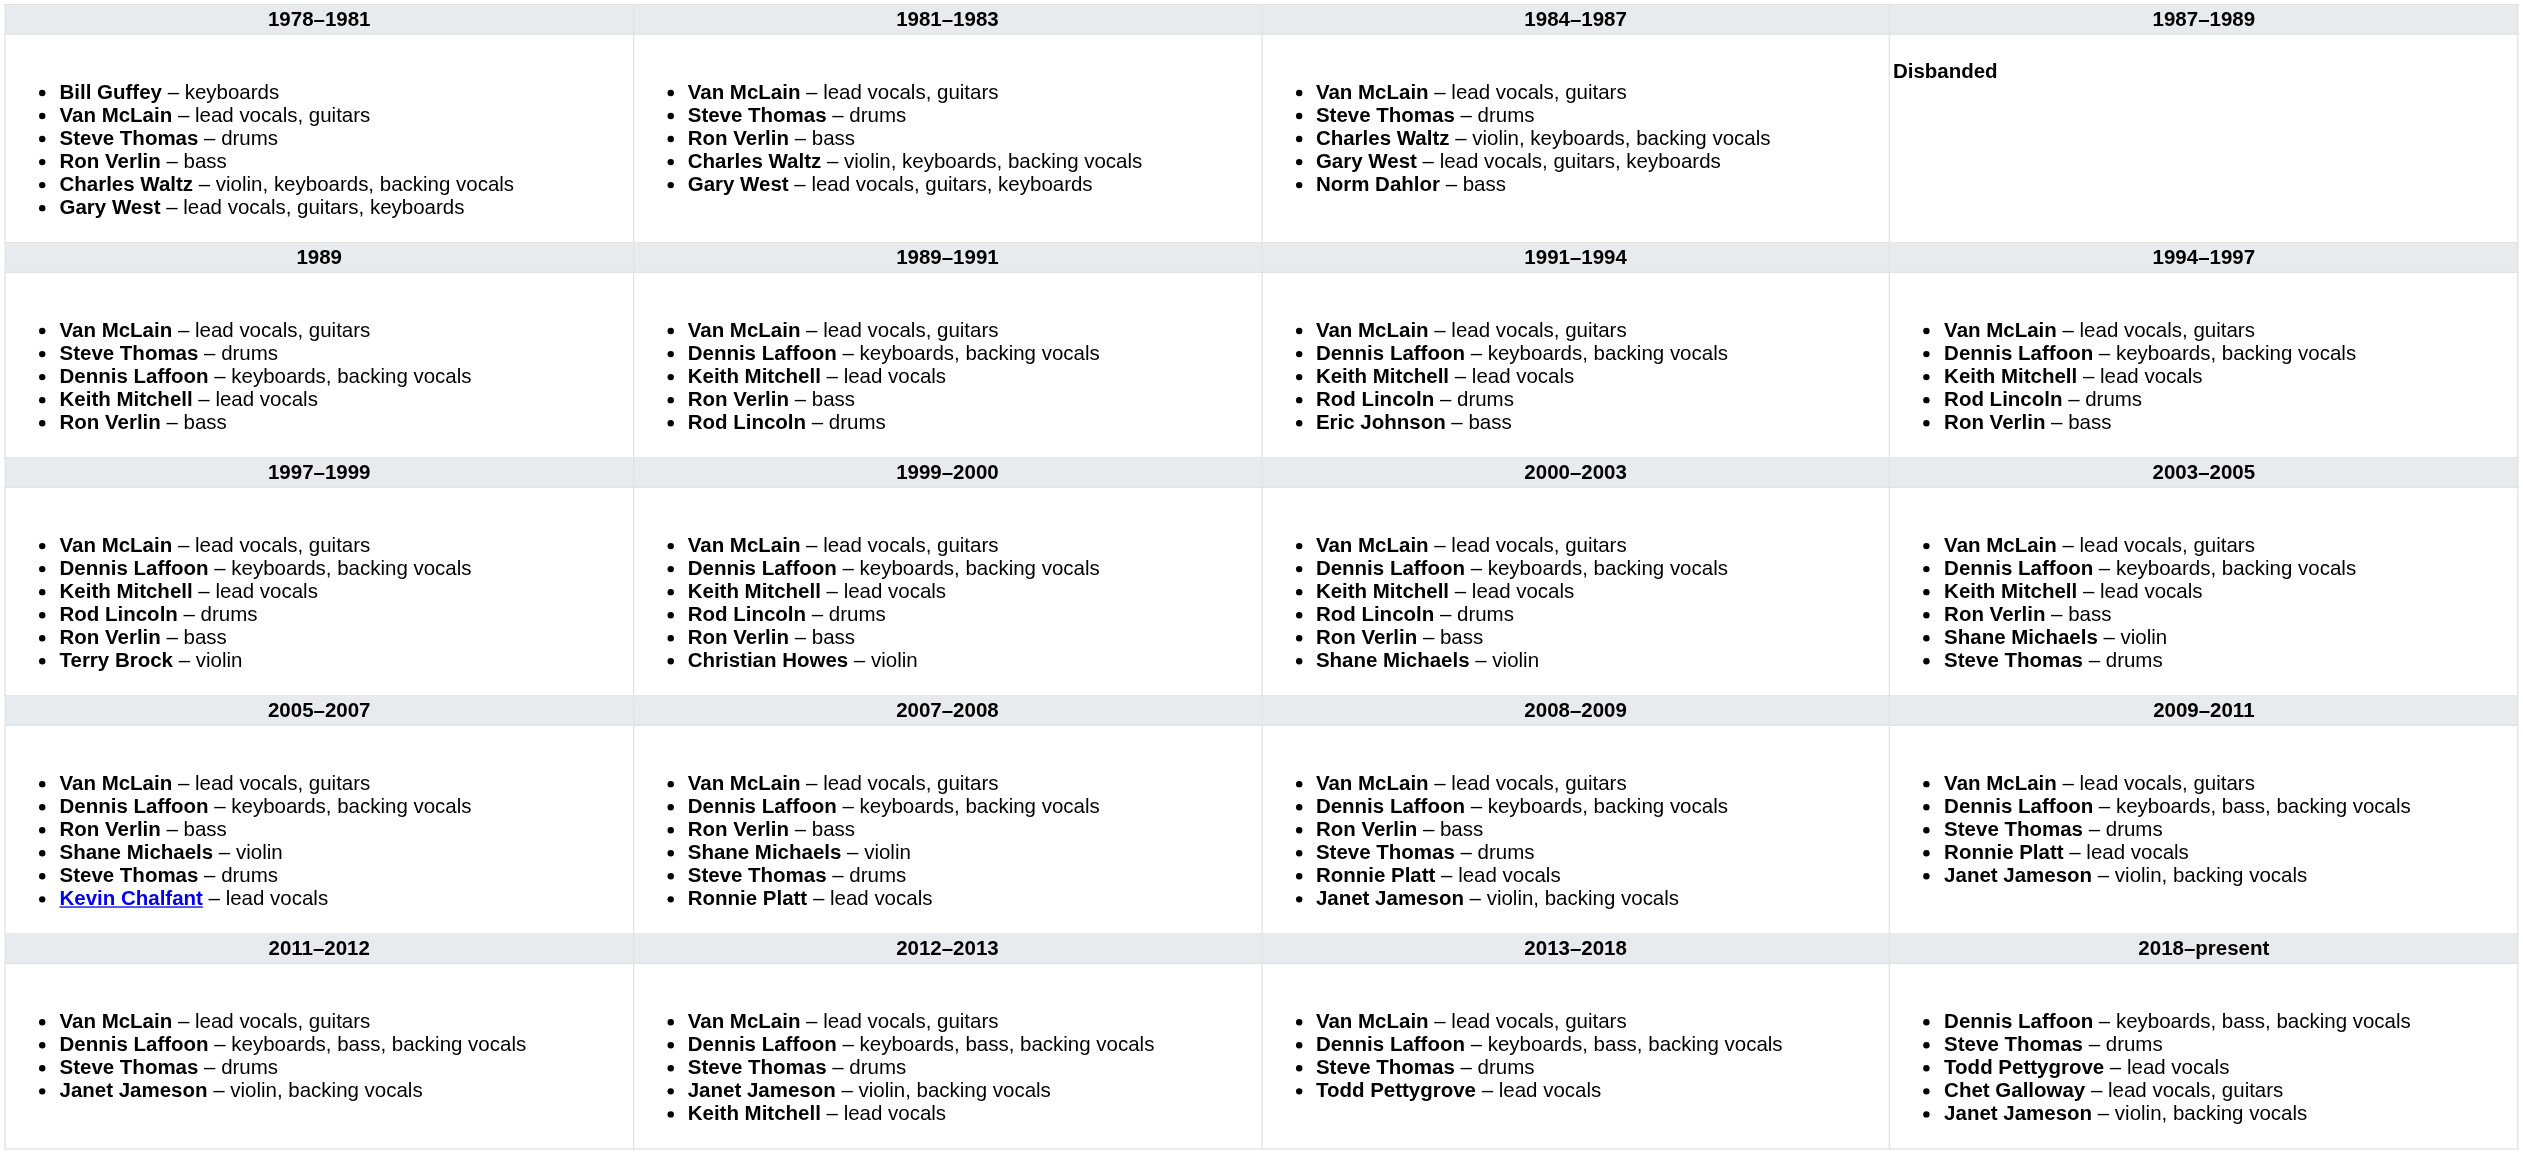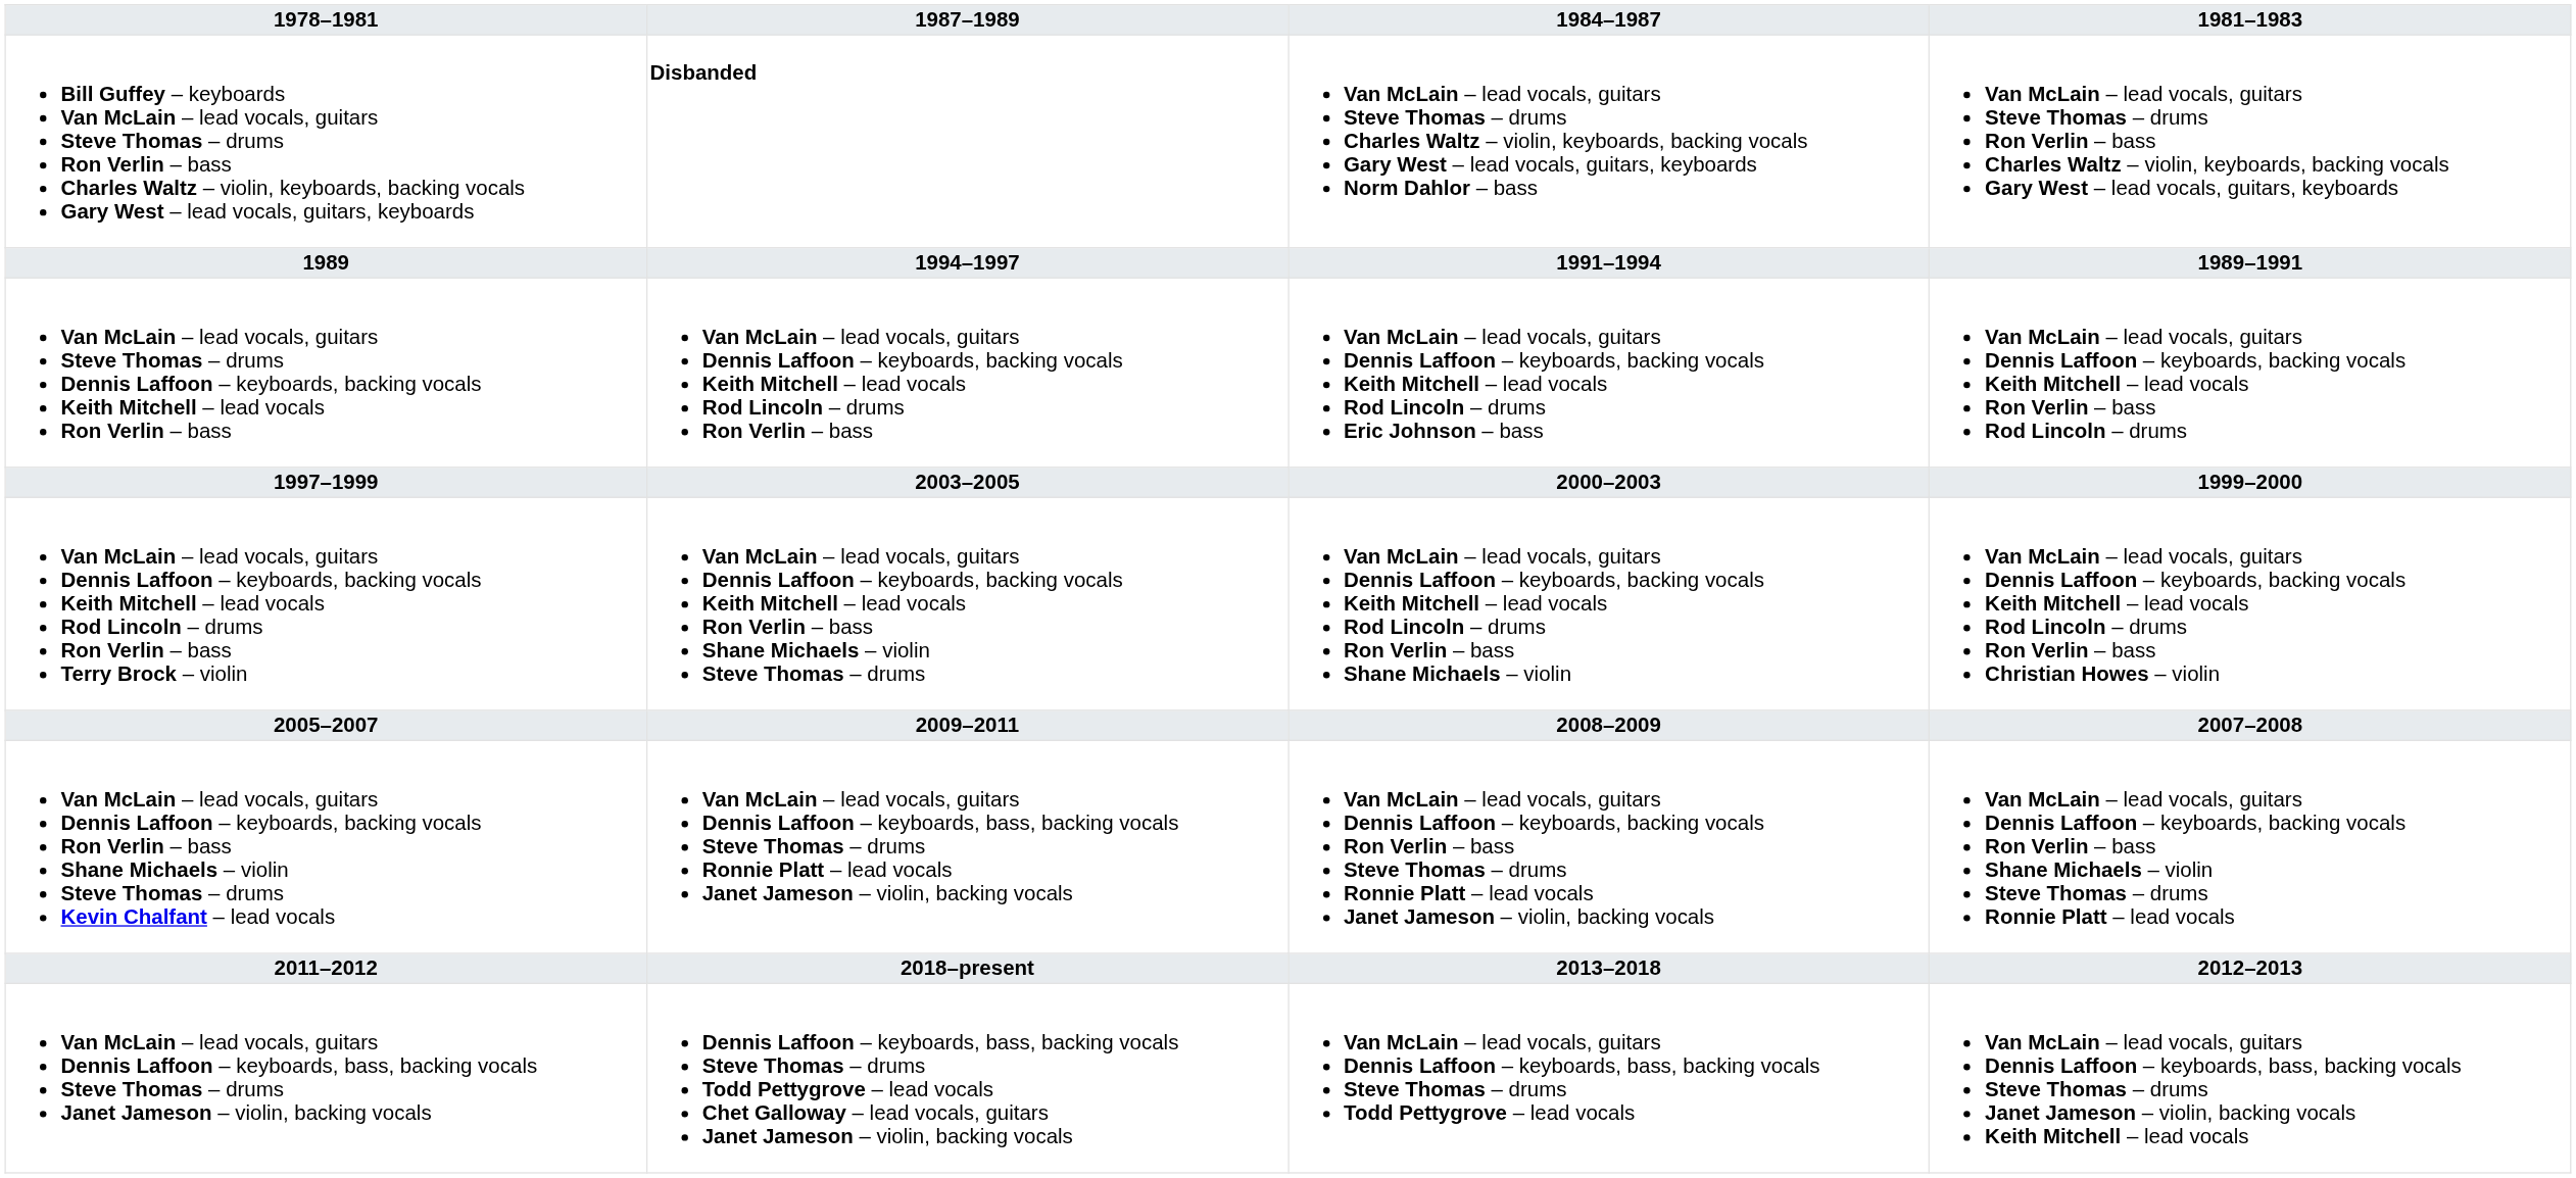 <table class="toccolours" border=1 cellpadding=2 cellspacing=0 style="float: width: 375px; margin: 0 0 1em 1em; border-collapse: collapse; border: 1px solid #E2E2E2;" width=99%>
 <tr>
 <th bgcolor="#E7EBEE" valign=top width=25%>1978–1981</th>
+<th bgcolor="#E7EBEE" valign=top width=25%>1987–1989</th>
+<th bgcolor="#E7EBEE" valign=top width=25%>1984–1987</th>
 <th bgcolor="#E7EBEE" valign=top width=25%>1981–1983</th>
-<th bgcolor="#E7EBEE" valign=top width=25%>1984–1987</th>
-<th bgcolor="#E7EBEE" valign=top width=25%>1987–1989</th>
 </tr>
 <tr>
 <td valign=top><br><ul><li><strong>Bill Guffey</strong> – keyboards</li><li><strong>Van McLain</strong> – lead vocals, guitars</li><li><strong>Steve Thomas</strong> – drums</li><li><strong>Ron Verlin</strong> – bass</li><li><strong>Charles Waltz</strong> – violin, keyboards, backing vocals</li><li><strong>Gary West</strong> – lead vocals, guitars, keyboards</li></ul></td>
+<td valign=top><br><strong>Disbanded</strong></td>
+<td valign=top><br><ul><li><strong>Van McLain</strong> – lead vocals, guitars</li><li><strong>Steve Thomas</strong> – drums</li><li><strong>Charles Waltz</strong> – violin, keyboards, backing vocals</li><li><strong>Gary West</strong> – lead vocals, guitars, keyboards</li><li><strong>Norm Dahlor</strong> – bass</li></ul></td>
 <td valign=top><br><ul><li><strong>Van McLain</strong> – lead vocals, guitars</li><li><strong>Steve Thomas</strong> – drums</li><li><strong>Ron Verlin</strong> – bass</li><li><strong>Charles Waltz</strong> – violin, keyboards, backing vocals</li><li><strong>Gary West</strong> – lead vocals, guitars, keyboards</li></ul></td>
-<td valign=top><br><ul><li><strong>Van McLain</strong> – lead vocals, guitars</li><li><strong>Steve Thomas</strong> – drums</li><li><strong>Charles Waltz</strong> – violin, keyboards, backing vocals</li><li><strong>Gary West</strong> – lead vocals, guitars, keyboards</li><li><strong>Norm Dahlor</strong> – bass</li></ul></td>
-<td valign=top><br><strong>Disbanded</strong></td>
 </tr>
 <tr>
 <th bgcolor="#E7EBEE" valign=top width=25%>1989</th>
+<th bgcolor="#E7EBEE" valign=top width=25%>1994–1997</th>
+<th bgcolor="#E7EBEE" valign=top width=25%>1991–1994</th>
 <th bgcolor="#E7EBEE" valign=top width=25%>1989–1991</th>
-<th bgcolor="#E7EBEE" valign=top width=25%>1991–1994</th>
-<th bgcolor="#E7EBEE" valign=top width=25%>1994–1997</th>
 </tr>
 <tr>
 <td valign=top><br><ul><li><strong>Van McLain</strong> – lead vocals, guitars</li><li><strong>Steve Thomas</strong> – drums</li><li><strong>Dennis Laffoon</strong> – keyboards, backing vocals</li><li><strong>Keith Mitchell</strong> – lead vocals</li><li><strong>Ron Verlin</strong> – bass</li></ul></td>
+<td valign=top><br><ul><li><strong>Van McLain</strong> – lead vocals, guitars</li><li><strong>Dennis Laffoon</strong> – keyboards, backing vocals</li><li><strong>Keith Mitchell</strong> – lead vocals</li><li><strong>Rod Lincoln</strong> – drums</li><li><strong>Ron Verlin</strong> – bass</li></ul></td>
+<td valign=top><br><ul><li><strong>Van McLain</strong> – lead vocals, guitars</li><li><strong>Dennis Laffoon</strong> – keyboards, backing vocals</li><li><strong>Keith Mitchell</strong> – lead vocals</li><li><strong>Rod Lincoln</strong> – drums</li><li><strong>Eric Johnson</strong> – bass</li></ul></td>
 <td valign=top><br><ul><li><strong>Van McLain</strong> – lead vocals, guitars</li><li><strong>Dennis Laffoon</strong> – keyboards, backing vocals</li><li><strong>Keith Mitchell</strong> – lead vocals</li><li><strong>Ron Verlin</strong> – bass</li><li><strong>Rod Lincoln</strong> – drums</li></ul></td>
-<td valign=top><br><ul><li><strong>Van McLain</strong> – lead vocals, guitars</li><li><strong>Dennis Laffoon</strong> – keyboards, backing vocals</li><li><strong>Keith Mitchell</strong> – lead vocals</li><li><strong>Rod Lincoln</strong> – drums</li><li><strong>Eric Johnson</strong> – bass</li></ul></td>
-<td valign=top><br><ul><li><strong>Van McLain</strong> – lead vocals, guitars</li><li><strong>Dennis Laffoon</strong> – keyboards, backing vocals</li><li><strong>Keith Mitchell</strong> – lead vocals</li><li><strong>Rod Lincoln</strong> – drums</li><li><strong>Ron Verlin</strong> – bass</li></ul></td>
 </tr>
 <tr>
 <th bgcolor="#E7EBEE" valign=top width=25%>1997–1999</th>
+<th bgcolor="#E7EBEE" valign=top width=25%>2003–2005</th>
+<th bgcolor="#E7EBEE" valign=top width=25%>2000–2003</th>
 <th bgcolor="#E7EBEE" valign=top width=25%>1999–2000</th>
-<th bgcolor="#E7EBEE" valign=top width=25%>2000–2003</th>
-<th bgcolor="#E7EBEE" valign=top width=25%>2003–2005</th>
 </tr>
 <tr>
 <td valign=top><br><ul><li><strong>Van McLain</strong> – lead vocals, guitars</li><li><strong>Dennis Laffoon</strong> – keyboards, backing vocals</li><li><strong>Keith Mitchell</strong> – lead vocals</li><li><strong>Rod Lincoln</strong> – drums</li><li><strong>Ron Verlin</strong> – bass</li><li><strong>Terry Brock</strong> – violin</li></ul></td>
+<td valign=top><br><ul><li><strong>Van McLain</strong> – lead vocals, guitars</li><li><strong>Dennis Laffoon</strong> – keyboards, backing vocals</li><li><strong>Keith Mitchell</strong> – lead vocals</li><li><strong>Ron Verlin</strong> – bass</li><li><strong>Shane Michaels</strong> – violin</li><li><strong>Steve Thomas</strong> – drums</li></ul></td>
+<td valign=top><br><ul><li><strong>Van McLain</strong> – lead vocals, guitars</li><li><strong>Dennis Laffoon</strong> – keyboards, backing vocals</li><li><strong>Keith Mitchell</strong> – lead vocals</li><li><strong>Rod Lincoln</strong> – drums</li><li><strong>Ron Verlin</strong> – bass</li><li><strong>Shane Michaels</strong> – violin</li></ul></td>
 <td valign=top><br><ul><li><strong>Van McLain</strong> – lead vocals, guitars</li><li><strong>Dennis Laffoon</strong> – keyboards, backing vocals</li><li><strong>Keith Mitchell</strong> – lead vocals</li><li><strong>Rod Lincoln</strong> – drums</li><li><strong>Ron Verlin</strong> – bass</li><li><strong>Christian Howes</strong> – violin</li></ul></td>
-<td valign=top><br><ul><li><strong>Van McLain</strong> – lead vocals, guitars</li><li><strong>Dennis Laffoon</strong> – keyboards, backing vocals</li><li><strong>Keith Mitchell</strong> – lead vocals</li><li><strong>Rod Lincoln</strong> – drums</li><li><strong>Ron Verlin</strong> – bass</li><li><strong>Shane Michaels</strong> – violin</li></ul></td>
-<td valign=top><br><ul><li><strong>Van McLain</strong> – lead vocals, guitars</li><li><strong>Dennis Laffoon</strong> – keyboards, backing vocals</li><li><strong>Keith Mitchell</strong> – lead vocals</li><li><strong>Ron Verlin</strong> – bass</li><li><strong>Shane Michaels</strong> – violin</li><li><strong>Steve Thomas</strong> – drums</li></ul></td>
 </tr>
 <tr>
 <th bgcolor="#E7EBEE" valign=top width=25%>2005–2007</th>
+<th bgcolor="#E7EBEE" valign=top width=25%>2009–2011</th>
+<th bgcolor="#E7EBEE" valign=top width=25%>2008–2009</th>
 <th bgcolor="#E7EBEE" valign=top width=25%>2007–2008</th>
-<th bgcolor="#E7EBEE" valign=top width=25%>2008–2009</th>
-<th bgcolor="#E7EBEE" valign=top width=25%>2009–2011</th>
 </tr>
 <tr>
 <td valign=top><br><ul><li><strong>Van McLain</strong> – lead vocals, guitars</li><li><strong>Dennis Laffoon</strong> – keyboards, backing vocals</li><li><strong>Ron Verlin</strong> – bass</li><li><strong>Shane Michaels</strong> – violin</li><li><strong>Steve Thomas</strong> – drums</li><li><strong><a href='#'>Kevin Chalfant</a></strong> – lead vocals</li></ul></td>
+<td valign=top><br><ul><li><strong>Van McLain</strong> – lead vocals, guitars</li><li><strong>Dennis Laffoon</strong> – keyboards, bass, backing vocals</li><li><strong>Steve Thomas</strong> – drums</li><li><strong>Ronnie Platt</strong> – lead vocals</li><li><strong>Janet Jameson</strong> – violin, backing vocals</li></ul></td>
+<td valign=top><br><ul><li><strong>Van McLain</strong> – lead vocals, guitars</li><li><strong>Dennis Laffoon</strong> – keyboards, backing vocals</li><li><strong>Ron Verlin</strong> – bass</li><li><strong>Steve Thomas</strong> – drums</li><li><strong>Ronnie Platt</strong> – lead vocals</li><li><strong>Janet Jameson</strong> – violin, backing vocals</li></ul></td>
 <td valign=top><br><ul><li><strong>Van McLain</strong> – lead vocals, guitars</li><li><strong>Dennis Laffoon</strong> – keyboards, backing vocals</li><li><strong>Ron Verlin</strong> – bass</li><li><strong>Shane Michaels</strong> – violin</li><li><strong>Steve Thomas</strong> – drums</li><li><strong>Ronnie Platt</strong> – lead vocals</li></ul></td>
-<td valign=top><br><ul><li><strong>Van McLain</strong> – lead vocals, guitars</li><li><strong>Dennis Laffoon</strong> – keyboards, backing vocals</li><li><strong>Ron Verlin</strong> – bass</li><li><strong>Steve Thomas</strong> – drums</li><li><strong>Ronnie Platt</strong> – lead vocals</li><li><strong>Janet Jameson</strong> – violin, backing vocals</li></ul></td>
-<td valign=top><br><ul><li><strong>Van McLain</strong> – lead vocals, guitars</li><li><strong>Dennis Laffoon</strong> – keyboards, bass, backing vocals</li><li><strong>Steve Thomas</strong> – drums</li><li><strong>Ronnie Platt</strong> – lead vocals</li><li><strong>Janet Jameson</strong> – violin, backing vocals</li></ul></td>
 </tr>
 <tr>
 <th bgcolor="#E7EBEE" valign=top width=25%>2011–2012</th>
+<th bgcolor="#E7EBEE" valign=top width=25%>2018–present</th>
+<th bgcolor="#E7EBEE" valign=top width=25%>2013–2018</th>
 <th bgcolor="#E7EBEE" valign=top width=25%>2012–2013</th>
-<th bgcolor="#E7EBEE" valign=top width=25%>2013–2018</th>
-<th bgcolor="#E7EBEE" valign=top width=25%>2018–present</th>
 </tr>
 <tr>
 <td valign=top><br><ul><li><strong>Van McLain</strong> – lead vocals, guitars</li><li><strong>Dennis Laffoon</strong> – keyboards, bass, backing vocals</li><li><strong>Steve Thomas</strong> – drums</li><li><strong>Janet Jameson</strong> – violin, backing vocals</li></ul></td>
+<td valign=top><br><ul><li><strong>Dennis Laffoon</strong> – keyboards, bass, backing vocals</li><li><strong>Steve Thomas</strong> – drums</li><li><strong>Todd Pettygrove</strong> – lead vocals</li><li><strong>Chet Galloway</strong> – lead vocals, guitars</li><li><strong>Janet Jameson</strong> – violin, backing vocals</li></ul></td>
+<td valign=top><br><ul><li><strong>Van McLain</strong> – lead vocals, guitars</li><li><strong>Dennis Laffoon</strong> – keyboards, bass, backing vocals</li><li><strong>Steve Thomas</strong> – drums</li><li><strong>Todd Pettygrove</strong> – lead vocals</li></ul></td>
 <td valign=top><br><ul><li><strong>Van McLain</strong> – lead vocals, guitars</li><li><strong>Dennis Laffoon</strong> – keyboards, bass, backing vocals</li><li><strong>Steve Thomas</strong> – drums</li><li><strong>Janet Jameson</strong> – violin, backing vocals</li><li><strong>Keith Mitchell</strong> – lead vocals</li></ul></td>
-<td valign=top><br><ul><li><strong>Van McLain</strong> – lead vocals, guitars</li><li><strong>Dennis Laffoon</strong> – keyboards, bass, backing vocals</li><li><strong>Steve Thomas</strong> – drums</li><li><strong>Todd Pettygrove</strong> – lead vocals</li></ul></td>
-<td valign=top><br><ul><li><strong>Dennis Laffoon</strong> – keyboards, bass, backing vocals</li><li><strong>Steve Thomas</strong> – drums</li><li><strong>Todd Pettygrove</strong> – lead vocals</li><li><strong>Chet Galloway</strong> – lead vocals, guitars</li><li><strong>Janet Jameson</strong> – violin, backing vocals</li></ul></td>
 </tr>
 </table>
